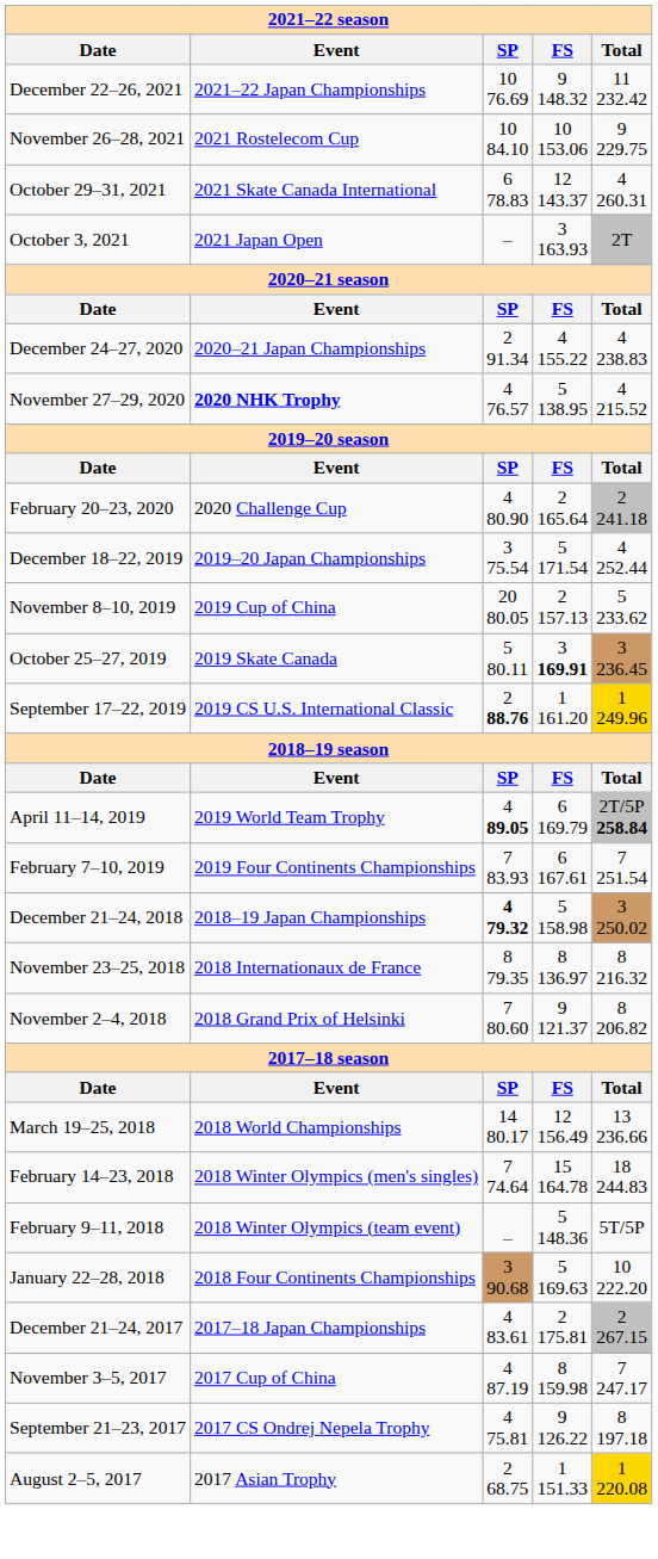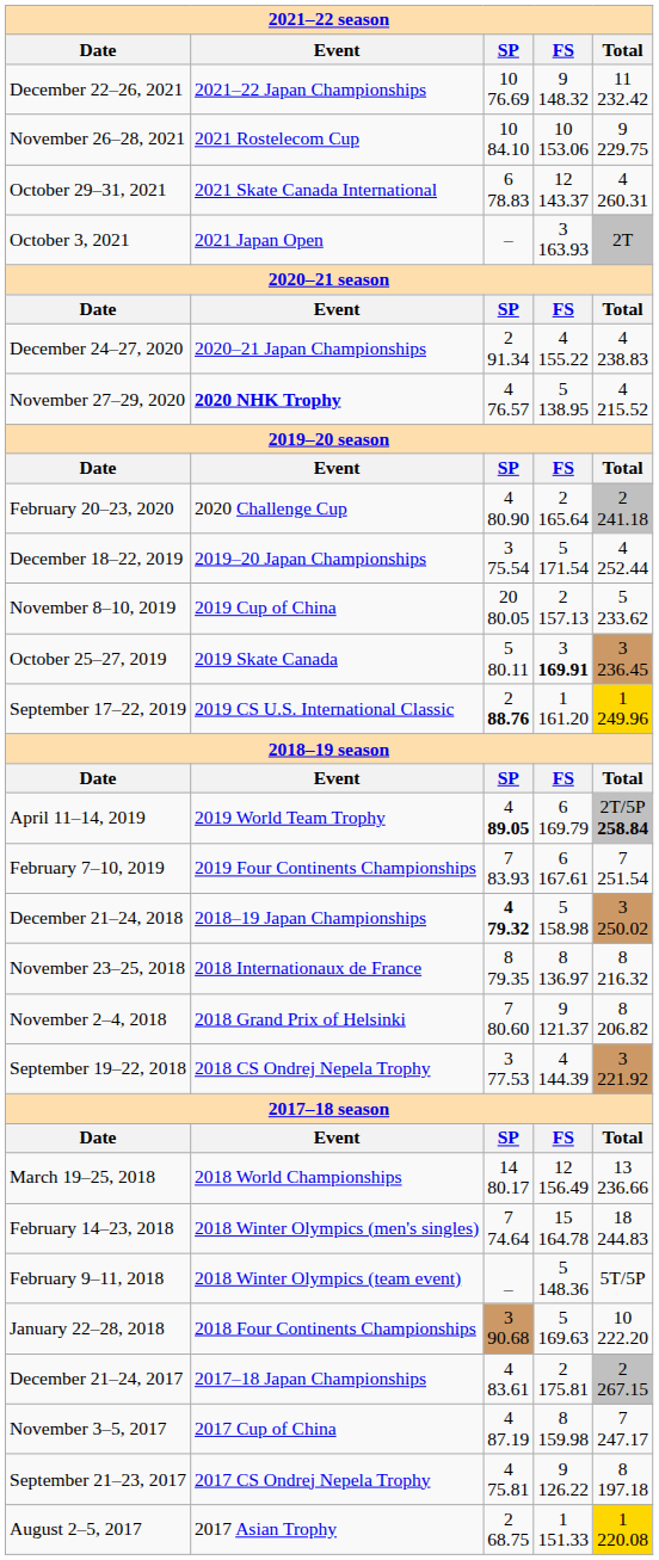 <table class="wikitable">
 <tr>
 <td colspan="5" style="background-color: #ffdead; " align="center"><a href='#'><strong>2021–22 season</strong></a></td>
 </tr>
 <tr>
 <th>Date</th>
 <th>Event</th>
 <th><a href='#'>SP</a></th>
 <th><a href='#'>FS</a></th>
 <th>Total</th>
 </tr>
 <tr>
 <td>December 22–26, 2021</td>
 <td><a href='#'>2021–22 Japan Championships</a></td>
 <td align=center>10 <br> 76.69</td>
 <td align=center>9 <br> 148.32</td>
 <td align=center>11 <br> 232.42</td>
 </tr>
 <tr>
 <td>November 26–28, 2021</td>
 <td><a href='#'>2021 Rostelecom Cup</a></td>
 <td align=center>10 <br> 84.10</td>
 <td align=center>10 <br> 153.06</td>
 <td align=center>9 <br> 229.75</td>
 </tr>
 <tr>
 <td>October 29–31, 2021</td>
 <td><a href='#'>2021 Skate Canada International</a></td>
 <td align=center>6 <br> 78.83</td>
 <td align=center>12 <br> 143.37</td>
 <td align=center>4 <br> 260.31</td>
 </tr>
 <tr>
 <td>October 3, 2021</td>
 <td><a href='#'>2021 Japan Open</a></td>
 <td align=center>–</td>
 <td align=center>3 <br> 163.93</td>
 <td align=center bgcolor=silver>2T</td>
 </tr>
 <tr>
 <td colspan="5" style="background-color: #ffdead; " align="center"><a href='#'><strong>2020–21 season</strong></a></td>
 </tr>
 <tr>
 <th>Date</th>
 <th>Event</th>
 <th><a href='#'>SP</a></th>
 <th><a href='#'>FS</a></th>
 <th>Total</th>
 </tr>
 <tr>
 <td>December 24–27, 2020</td>
 <td><a href='#'>2020–21 Japan Championships</a></td>
 <td align=center>2 <br> 91.34</td>
 <td align=center>4 <br> 155.22</td>
 <td align=center>4 <br> 238.83</td>
 </tr>
 <tr>
 <td>November 27–29, 2020</td>
 <td><strong><a href='#'>2020 NHK Trophy</a></strong></td>
 <td align=center>4 <br> 76.57</td>
 <td align=center>5 <br> 138.95</td>
 <td align=center>4 <br> 215.52</td>
 </tr>
 <tr>
 <td colspan="5" style="background-color: #ffdead; " align="center"><a href='#'><strong>2019–20 season</strong></a></td>
 </tr>
 <tr>
 <th>Date</th>
 <th>Event</th>
 <th><a href='#'>SP</a></th>
 <th><a href='#'>FS</a></th>
 <th>Total</th>
 </tr>
 <tr>
 <td>February 20–23, 2020</td>
 <td>2020 <a href='#'>Challenge Cup</a></td>
 <td align=center>4 <br> 80.90</td>
 <td align=center>2 <br> 165.64</td>
 <td align=center bgcolor=silver>2 <br> 241.18</td>
 </tr>
 <tr>
 <td>December 18–22, 2019</td>
 <td><a href='#'>2019–20 Japan Championships</a></td>
 <td align=center>3 <br> 75.54</td>
 <td align=center>5 <br> 171.54</td>
 <td align=center>4 <br> 252.44</td>
 </tr>
 <tr>
 <td>November 8–10, 2019</td>
 <td><a href='#'>2019 Cup of China</a></td>
 <td align=center>20 <br> 80.05</td>
 <td align=center>2 <br> 157.13</td>
 <td align=center>5 <br> 233.62</td>
 </tr>
 <tr>
 <td>October 25–27, 2019</td>
 <td><a href='#'>2019 Skate Canada</a></td>
 <td align=center>5 <br> 80.11</td>
 <td align=center>3 <br> <strong>169.91</strong></td>
 <td align=center bgcolor=cc9966>3 <br> 236.45</td>
 </tr>
 <tr>
 <td>September 17–22, 2019</td>
 <td><a href='#'>2019 CS U.S. International Classic</a></td>
 <td align=center>2 <br> <strong>88.76</strong></td>
 <td align=center>1 <br> 161.20</td>
 <td align=center bgcolor=gold>1 <br> 249.96</td>
 </tr>
 <tr>
 <th style="background-color: #ffdead;" colspan=5 align="center"><a href='#'>2018–19 season</a></th>
 </tr>
 <tr>
 <th>Date</th>
 <th>Event</th>
 <th><a href='#'>SP</a></th>
 <th><a href='#'>FS</a></th>
 <th>Total</th>
 </tr>
 <tr>
 <td>April 11–14, 2019</td>
 <td><a href='#'>2019 World Team Trophy</a></td>
 <td align=center>4 <br> <strong>89.05</strong></td>
 <td align=center>6 <br> 169.79</td>
 <td align=center bgcolor=silver>2T/5P <br> <strong>258.84</strong></td>
 </tr>
 <tr>
 <td>February 7–10, 2019</td>
 <td><a href='#'>2019 Four Continents Championships</a></td>
 <td align=center>7 <br> 83.93</td>
 <td align=center>6 <br> 167.61</td>
 <td align=center>7 <br> 251.54</td>
 </tr>
 <tr>
 <td>December 21–24, 2018</td>
 <td><a href='#'>2018–19 Japan Championships</a></td>
 <td align=center><strong>4 <br> 79.32</strong></td>
 <td align=center>5 <br> 158.98</td>
 <td align=center bgcolor=cc9966>3 <br> 250.02</td>
 </tr>
 <tr>
 <td>November 23–25, 2018</td>
 <td><a href='#'>2018 Internationaux de France</a></td>
 <td align=center>8 <br> 79.35</td>
 <td align=center>8 <br> 136.97</td>
 <td align=center>8 <br> 216.32</td>
 </tr>
 <tr>
 <td>November 2–4, 2018</td>
 <td><a href='#'>2018 Grand Prix of Helsinki</a></td>
 <td align=center>7 <br> 80.60</td>
 <td align=center>9 <br> 121.37</td>
 <td align="center">8 <br> 206.82</td>
 </tr>
 <tr>
+<td>September 19–22, 2018</td>
+<td><a href='#'>2018 CS Ondrej Nepela Trophy</a></td>
+<td align=center>3 <br> 77.53</td>
+<td align=center>4 <br> 144.39</td>
+<td align=center bgcolor=cc9966>3 <br> 221.92</td>
+</tr>
+<tr>
 <th style="background-color: #ffdead;" colspan=5 align="center"><a href='#'>2017–18 season</a></th>
 </tr>
 <tr>
 <th>Date</th>
 <th>Event</th>
 <th><a href='#'>SP</a></th>
 <th><a href='#'>FS</a></th>
 <th>Total</th>
 </tr>
 <tr>
 <td>March 19–25, 2018</td>
 <td><a href='#'>2018 World Championships</a></td>
 <td align=center>14 <br> 80.17</td>
 <td align=center>12 <br> 156.49</td>
 <td align=center>13 <br> 236.66</td>
 </tr>
 <tr>
 <td>February 14–23, 2018</td>
 <td><a href='#'>2018 Winter Olympics (men's singles)</a></td>
 <td align=center>7 <br> 74.64</td>
 <td align=center>15 <br> 164.78</td>
 <td align=center>18 <br> 244.83</td>
 </tr>
 <tr>
 <td>February 9–11, 2018</td>
 <td><a href='#'>2018 Winter Olympics (team event)</a></td>
 <td align=center><br> –</td>
 <td align=center>5 <br> 148.36</td>
 <td align=center>5T/5P</td>
 </tr>
 <tr>
 <td>January 22–28, 2018</td>
 <td><a href='#'>2018 Four Continents Championships</a></td>
 <td align=center bgcolor=cc9966>3 <br> 90.68</td>
 <td align=center>5 <br> 169.63</td>
 <td align=center>10 <br> 222.20</td>
 </tr>
 <tr>
 <td>December 21–24, 2017</td>
 <td><a href='#'>2017–18 Japan Championships</a></td>
 <td align=center>4 <br> 83.61</td>
 <td align=center>2 <br> 175.81</td>
 <td align=center bgcolor=silver>2 <br> 267.15</td>
 </tr>
 <tr>
 <td>November 3–5, 2017</td>
 <td><a href='#'>2017 Cup of China</a></td>
 <td align=center>4 <br> 87.19</td>
 <td align=center>8 <br> 159.98</td>
 <td align=center>7 <br> 247.17</td>
 </tr>
 <tr>
 <td>September 21–23, 2017</td>
 <td><a href='#'>2017 CS Ondrej Nepela Trophy</a></td>
 <td align=center>4 <br> 75.81</td>
 <td align=center>9 <br> 126.22</td>
 <td align=center>8 <br> 197.18</td>
 </tr>
 <tr>
 <td>August 2–5, 2017</td>
 <td>2017 <a href='#'>Asian Trophy</a></td>
 <td align=center>2 <br>68.75</td>
 <td align=center>1<br> 151.33</td>
 <td align=center bgcolor=gold>1 <br>220.08</td>
 </tr>
 </table>
